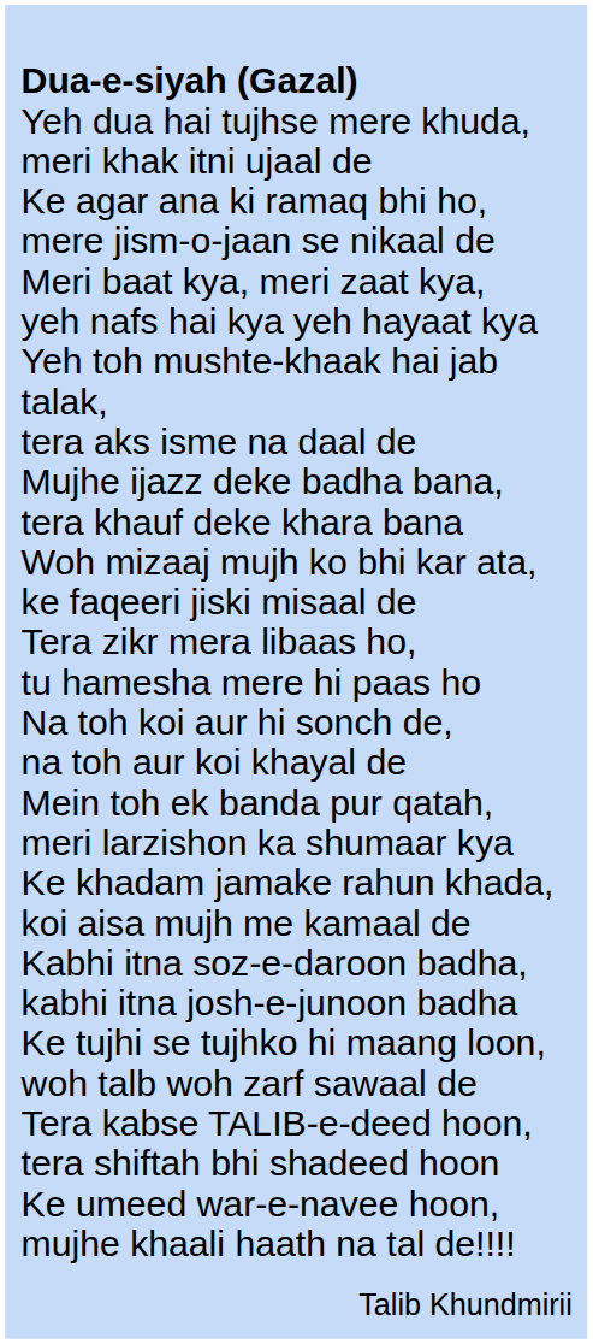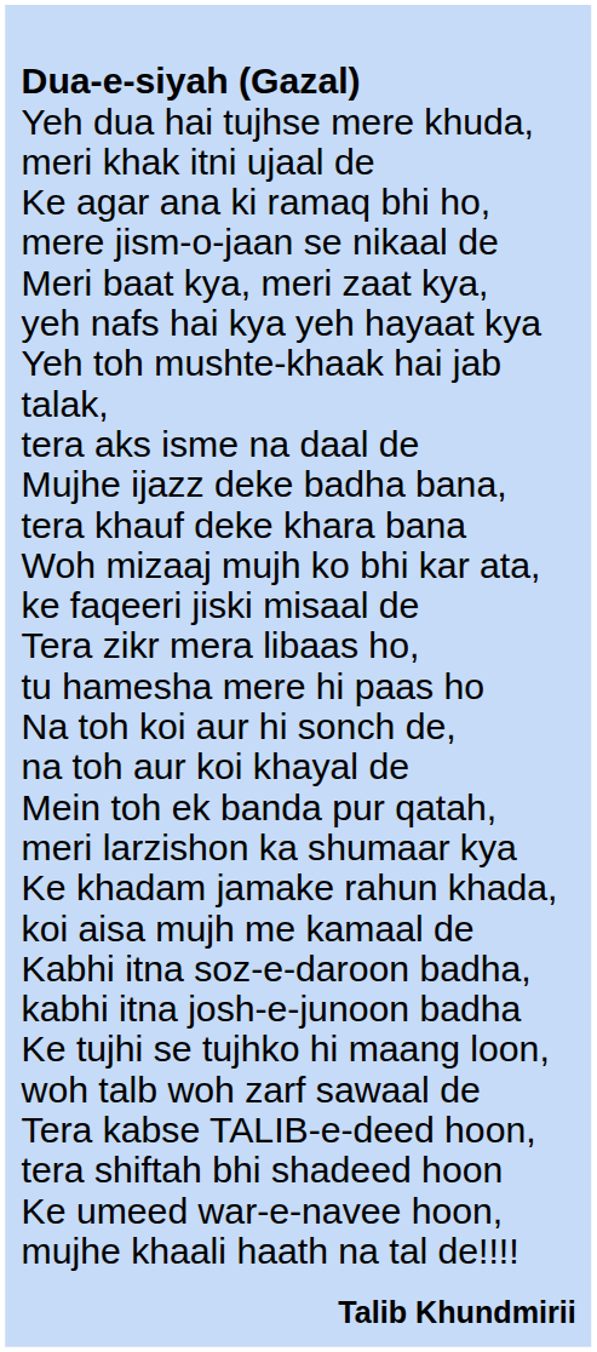 <table class="toccolours" style="float: right; margin-left: 1em; margin-right: 1em; font-size: 85%; background:#c6dbf7; color:black; width:23em; max-width: 35%;" cellspacing="5">
 <tr>
 <td style="text-align: top right;"><br><strong>Dua-e-siyah (Gazal)</strong><br>Yeh dua hai tujhse mere khuda,<br>meri khak itni ujaal de<br>Ke agar ana ki ramaq bhi ho,<br>mere jism-o-jaan se nikaal de<br>Meri baat kya, meri zaat kya,<br>yeh nafs hai kya yeh hayaat kya<br>Yeh toh mushte-khaak hai jab talak,<br>tera aks isme na daal de<br>Mujhe ijazz deke badha bana,<br>tera khauf deke khara bana<br>Woh mizaaj mujh ko bhi kar ata,<br>ke faqeeri jiski misaal de<br>Tera zikr mera libaas ho,<br>tu hamesha mere hi paas ho<br>Na toh koi aur hi sonch de,<br>na toh aur koi khayal de<br>Mein toh ek banda pur qatah,<br>meri larzishon ka shumaar kya<br>Ke khadam jamake rahun khada,<br>koi aisa mujh me kamaal de<br>Kabhi itna soz-e-daroon badha,<br>kabhi itna josh-e-junoon badha<br>Ke tujhi se tujhko hi maang loon,<br>woh talb woh zarf sawaal de<br>Tera kabse TALIB-e-deed hoon,<br>tera shiftah bhi shadeed hoon<br>Ke umeed war-e-navee hoon,<br>mujhe khaali haath na tal de!!!!<br></td>
 </tr>
 <tr>
-<td style="text-align: right;"><small>Talib Khundmirii</small></td>
+<td style="text-align: right;"><strong><small>Talib Khundmirii</small></strong></td>
 </tr>
 </table>
